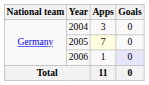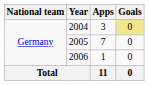 <table class="wikitable" style="text-align:center">
 <tr>
 <th>National team</th>
 <th>Year</th>
 <th>Apps</th>
 <th>Goals</th>
 </tr>
 <tr>
 <td rowspan="3"><a href='#'>Germany</a></td>
 <td>2004</td>
 <td>3</td>
-<td>0</td>
+<td style="background: khaki;">0</td>
 </tr>
 <tr>
 <td>2005</td>
-<td style="background: lightyellow;">7</td>
+<td>7</td>
 <td>0</td>
 </tr>
 <tr>
 <td>2006</td>
 <td>1</td>
-<td style="background: lavender;">0</td>
+<td>0</td>
 </tr>
 <tr>
 <th colspan="2">Total</th>
 <th>11</th>
 <th>0</th>
 </tr>
 </table>
